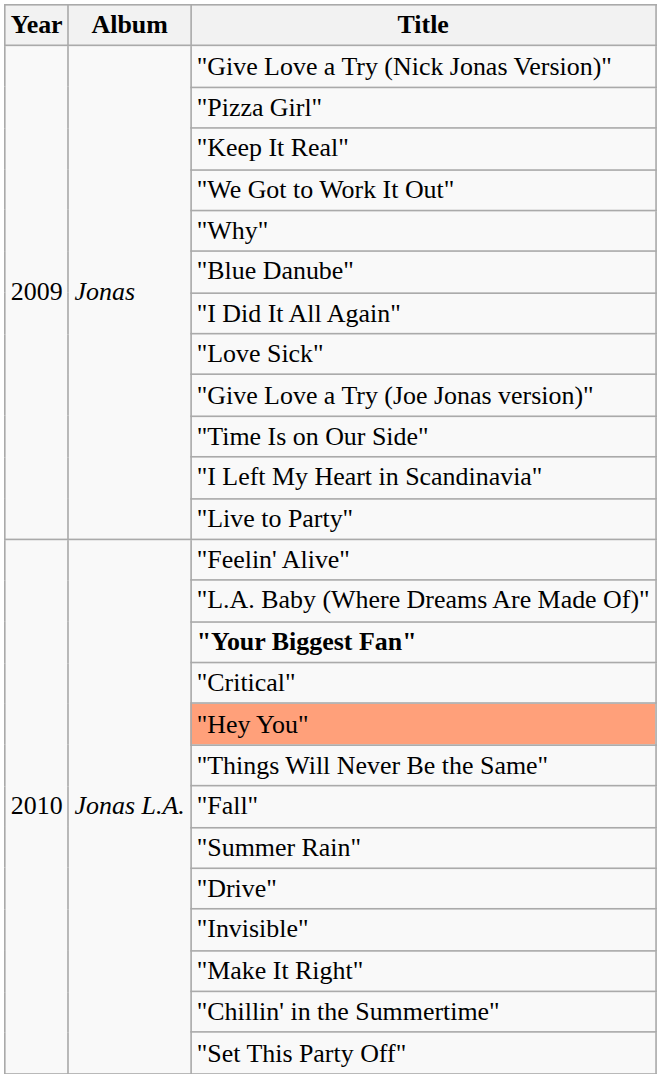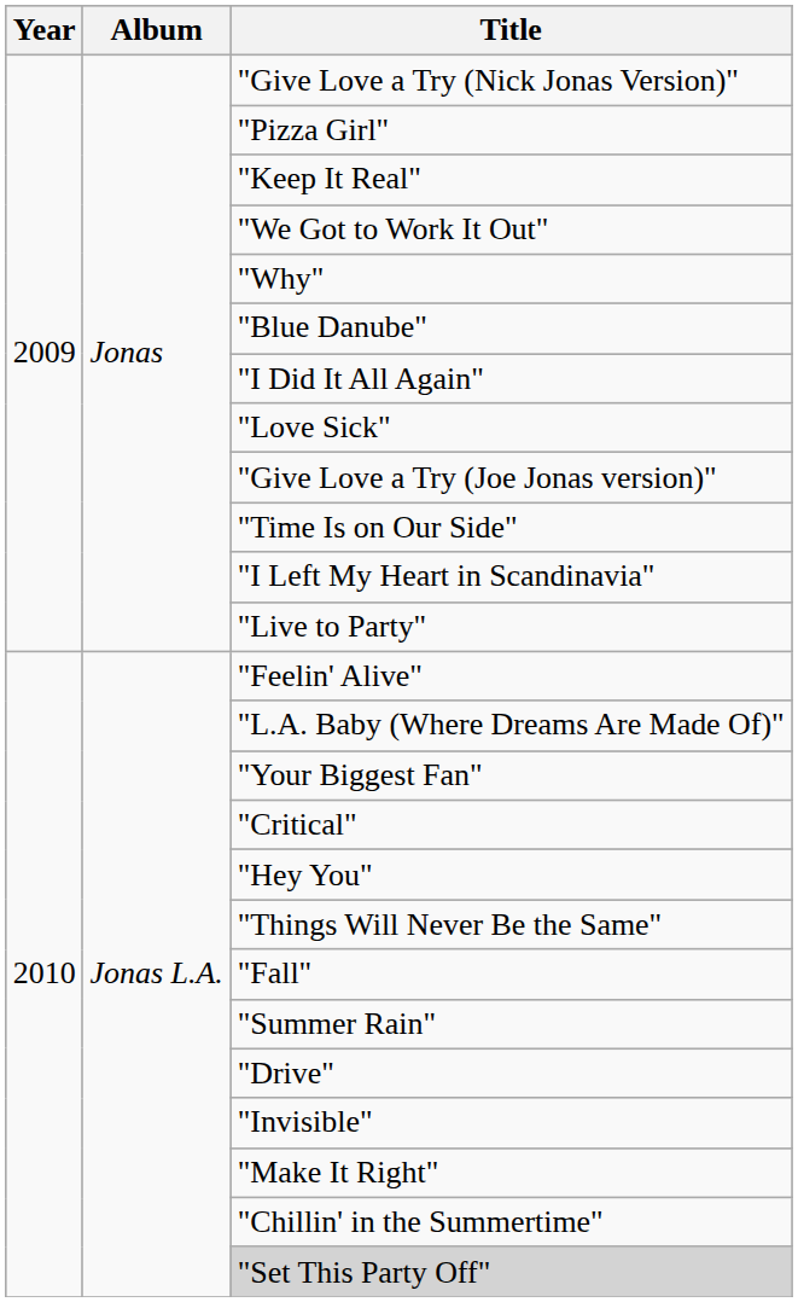 <table class="wikitable">
 <tr>
 <th>Year</th>
 <th>Album</th>
 <th>Title</th>
 </tr>
 <tr>
 <td rowspan="12">2009</td>
 <td rowspan="12"><em>Jonas</em></td>
 <td>"Give Love a Try (Nick Jonas Version)"</td>
 </tr>
 <tr>
 <td>"Pizza Girl"</td>
 </tr>
 <tr>
 <td>"Keep It Real"</td>
 </tr>
 <tr>
 <td>"We Got to Work It Out"</td>
 </tr>
 <tr>
 <td>"Why"</td>
 </tr>
 <tr>
 <td>"Blue Danube"</td>
 </tr>
 <tr>
 <td>"I Did It All Again"</td>
 </tr>
 <tr>
 <td>"Love Sick"</td>
 </tr>
 <tr>
 <td>"Give Love a Try (Joe Jonas version)"</td>
 </tr>
 <tr>
 <td>"Time Is on Our Side"</td>
 </tr>
 <tr>
 <td>"I Left My Heart in Scandinavia"</td>
 </tr>
 <tr>
 <td>"Live to Party"</td>
 </tr>
 <tr>
 <td rowspan="13">2010</td>
 <td rowspan="13"><em>Jonas L.A.</em></td>
 <td>"Feelin' Alive"</td>
 </tr>
 <tr>
 <td>"L.A. Baby (Where Dreams Are Made Of)"</td>
 </tr>
 <tr>
-<td><strong>"Your Biggest Fan"</strong></td>
+<td>"Your Biggest Fan"</td>
 </tr>
 <tr>
 <td>"Critical"</td>
 </tr>
 <tr>
-<td style="background: lightsalmon;">"Hey You"</td>
+<td>"Hey You"</td>
 </tr>
 <tr>
 <td>"Things Will Never Be the Same"</td>
 </tr>
 <tr>
 <td>"Fall"</td>
 </tr>
 <tr>
 <td>"Summer Rain"</td>
 </tr>
 <tr>
 <td>"Drive"</td>
 </tr>
 <tr>
 <td>"Invisible"</td>
 </tr>
 <tr>
 <td>"Make It Right"</td>
 </tr>
 <tr>
 <td>"Chillin' in the Summertime"</td>
 </tr>
 <tr>
-<td>"Set This Party Off"</td>
+<td style="background: lightgrey;">"Set This Party Off"</td>
 </tr>
 </table>
